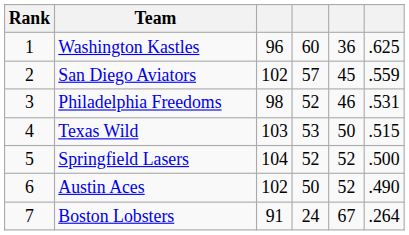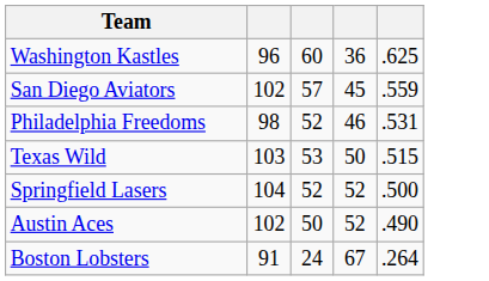 <table class="wikitable sortable" style="text-align:left">
 <tr>
-<th width="25px">Rank</th>
 <th width="175px">Team</th>
 <th width="25px"></th>
 <th width="25px"></th>
 <th width="25px"></th>
 <th width="25px"></th>
 </tr>
 <tr>
-<td style="text-align:center">1</td>
 <td><a href='#'>Washington Kastles</a></td>
 <td style="text-align:center">96</td>
 <td style="text-align:center">60</td>
 <td style="text-align:center">36</td>
 <td style="text-align:center">.625</td>
 </tr>
 <tr>
-<td style="text-align:center">2</td>
 <td><a href='#'>San Diego Aviators</a></td>
 <td style="text-align:center">102</td>
 <td style="text-align:center">57</td>
 <td style="text-align:center">45</td>
 <td style="text-align:center">.559</td>
 </tr>
 <tr>
-<td style="text-align:center">3</td>
 <td><a href='#'>Philadelphia Freedoms</a></td>
 <td style="text-align:center">98</td>
 <td style="text-align:center">52</td>
 <td style="text-align:center">46</td>
 <td style="text-align:center">.531</td>
 </tr>
 <tr>
-<td style="text-align:center">4</td>
 <td><a href='#'>Texas Wild</a></td>
 <td style="text-align:center">103</td>
 <td style="text-align:center">53</td>
 <td style="text-align:center">50</td>
 <td style="text-align:center">.515</td>
 </tr>
 <tr>
-<td style="text-align:center">5</td>
 <td><a href='#'>Springfield Lasers</a></td>
 <td style="text-align:center">104</td>
 <td style="text-align:center">52</td>
 <td style="text-align:center">52</td>
 <td style="text-align:center">.500</td>
 </tr>
 <tr>
-<td style="text-align:center">6</td>
 <td><a href='#'>Austin Aces</a></td>
 <td style="text-align:center">102</td>
 <td style="text-align:center">50</td>
 <td style="text-align:center">52</td>
 <td style="text-align:center">.490</td>
 </tr>
 <tr>
-<td style="text-align:center">7</td>
 <td><a href='#'>Boston Lobsters</a></td>
 <td style="text-align:center">91</td>
 <td style="text-align:center">24</td>
 <td style="text-align:center">67</td>
 <td style="text-align:center">.264</td>
 </tr>
 </table>
